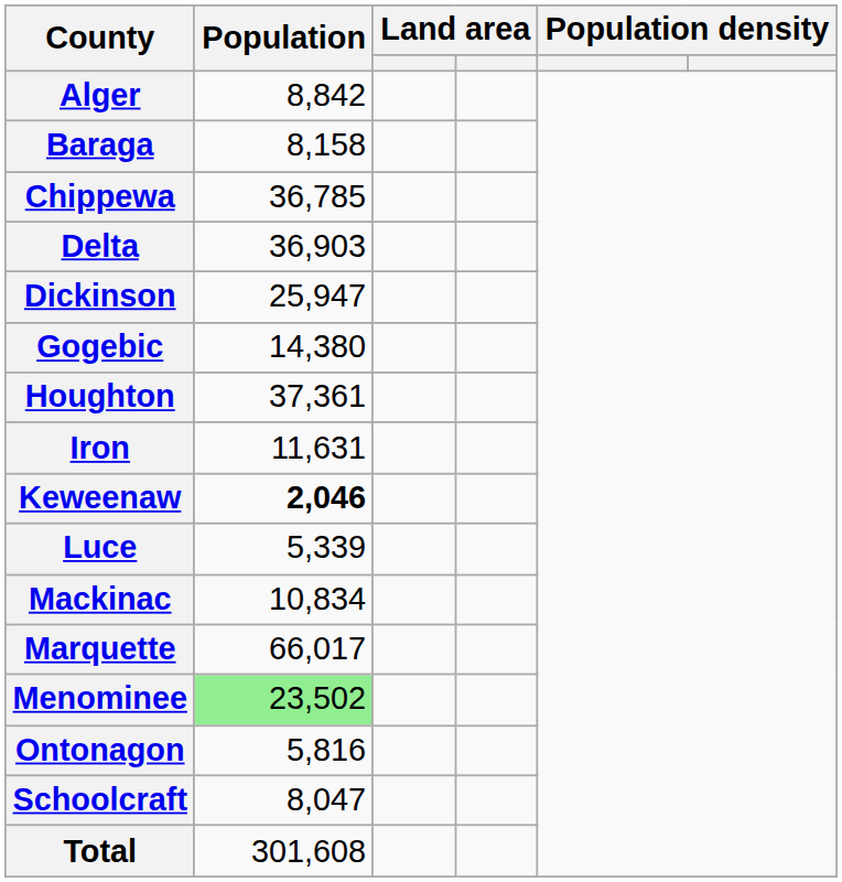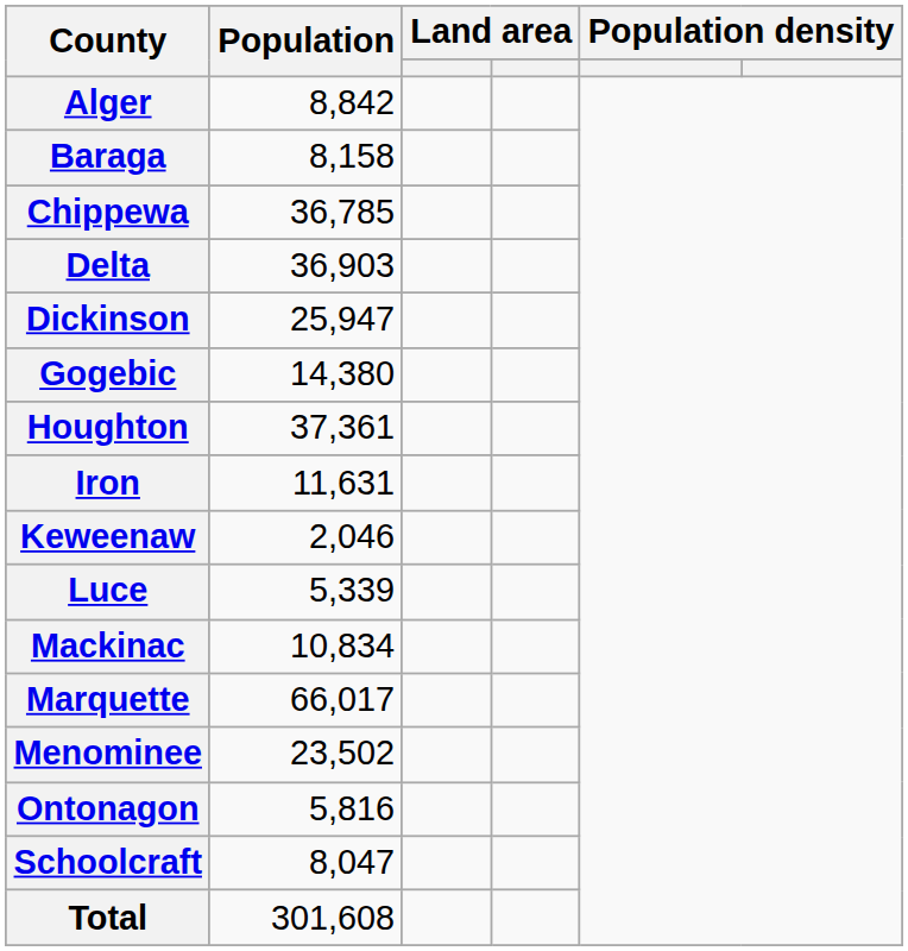 <table class="wikitable plainrowheaders sortable">
 <tr>
 <th scope="col" rowspan=2>County</th>
 <th scope="col" rowspan=2>Population</th>
 <th scope="col" colspan=2>Land area</th>
 <th scope="col" colspan=2>Population density</th>
 </tr>
 <tr>
 <th scope="col"></th>
 <th scope="col"></th>
 <th scope="col"></th>
 <th scope="col"></th>
 </tr>
 <tr>
 <th scope="row"><a href='#'>Alger</a></th>
 <td align=right>8,842</td>
 <td></td>
 <td></td>
 </tr>
 <tr>
 <th scope="row"><a href='#'>Baraga</a></th>
 <td align=right>8,158</td>
 <td></td>
 <td></td>
 </tr>
 <tr>
 <th scope="row"><a href='#'>Chippewa</a></th>
 <td align=right>36,785</td>
 <td></td>
 <td></td>
 </tr>
 <tr>
 <th scope="row"><a href='#'>Delta</a></th>
 <td align=right>36,903</td>
 <td></td>
 <td></td>
 </tr>
 <tr>
 <th scope="row"><a href='#'>Dickinson</a></th>
 <td align=right>25,947</td>
 <td></td>
 <td></td>
 </tr>
 <tr>
 <th scope="row"><a href='#'>Gogebic</a></th>
 <td align=right>14,380</td>
 <td></td>
 <td></td>
 </tr>
 <tr>
 <th scope="row"><a href='#'>Houghton</a></th>
 <td align=right>37,361</td>
 <td></td>
 <td></td>
 </tr>
 <tr>
 <th scope="row"><a href='#'>Iron</a></th>
 <td align=right>11,631</td>
 <td></td>
 <td></td>
 </tr>
 <tr>
 <th scope="row"><a href='#'>Keweenaw</a></th>
-<td align=right><strong>2,046</strong></td>
+<td align=right>2,046</td>
 <td></td>
 <td></td>
 </tr>
 <tr>
 <th scope="row"><a href='#'>Luce</a></th>
 <td align=right>5,339</td>
 <td></td>
 <td></td>
 </tr>
 <tr>
 <th scope="row"><a href='#'>Mackinac</a></th>
 <td align=right>10,834</td>
 <td></td>
 <td></td>
 </tr>
 <tr>
 <th scope="row"><a href='#'>Marquette</a></th>
 <td align=right>66,017</td>
 <td></td>
 <td></td>
 </tr>
 <tr>
 <th scope="row"><a href='#'>Menominee</a></th>
-<td align=right style="background: lightgreen;">23,502</td>
+<td align=right>23,502</td>
 <td></td>
 <td></td>
 </tr>
 <tr>
 <th scope="row"><a href='#'>Ontonagon</a></th>
 <td align=right>5,816</td>
 <td></td>
 <td></td>
 </tr>
 <tr>
 <th scope="row"><a href='#'>Schoolcraft</a></th>
 <td align=right>8,047</td>
 <td></td>
 <td></td>
 </tr>
 <tr class="sortbottom">
 <th scope="row">Total</th>
 <td align=right>301,608</td>
 <td></td>
 <td></td>
 </tr>
 </table>
